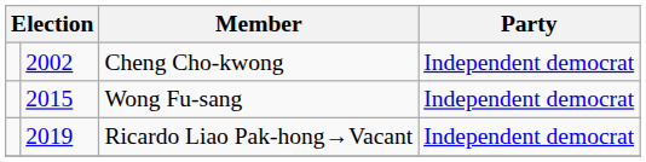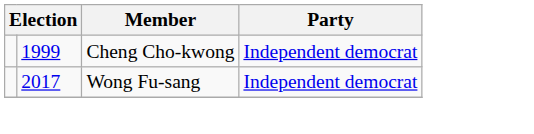 <table class="wikitable">
 <tr>
 <th colspan="2">Election</th>
 <th>Member</th>
 <th>Party</th>
 </tr>
 <tr>
 <td style="color:inherit;background:"></td>
-<td><a href='#'>2002</a></td>
+<td><a href='#'>1999</a></td>
 <td>Cheng Cho-kwong</td>
 <td><a href='#'>Independent democrat</a></td>
 </tr>
 <tr>
 <td style="color:inherit;background:"></td>
-<td><a href='#'>2015</a></td>
+<td><a href='#'>2017</a></td>
 <td>Wong Fu-sang</td>
-<td><a href='#'>Independent democrat</a></td>
-</tr>
-<tr>
-<td style="color:inherit;background:"></td>
-<td><a href='#'>2019</a></td>
-<td>Ricardo Liao Pak-hong→Vacant</td>
 <td><a href='#'>Independent democrat</a></td>
 </tr>
 <tr>
 </tr>
 </table>
